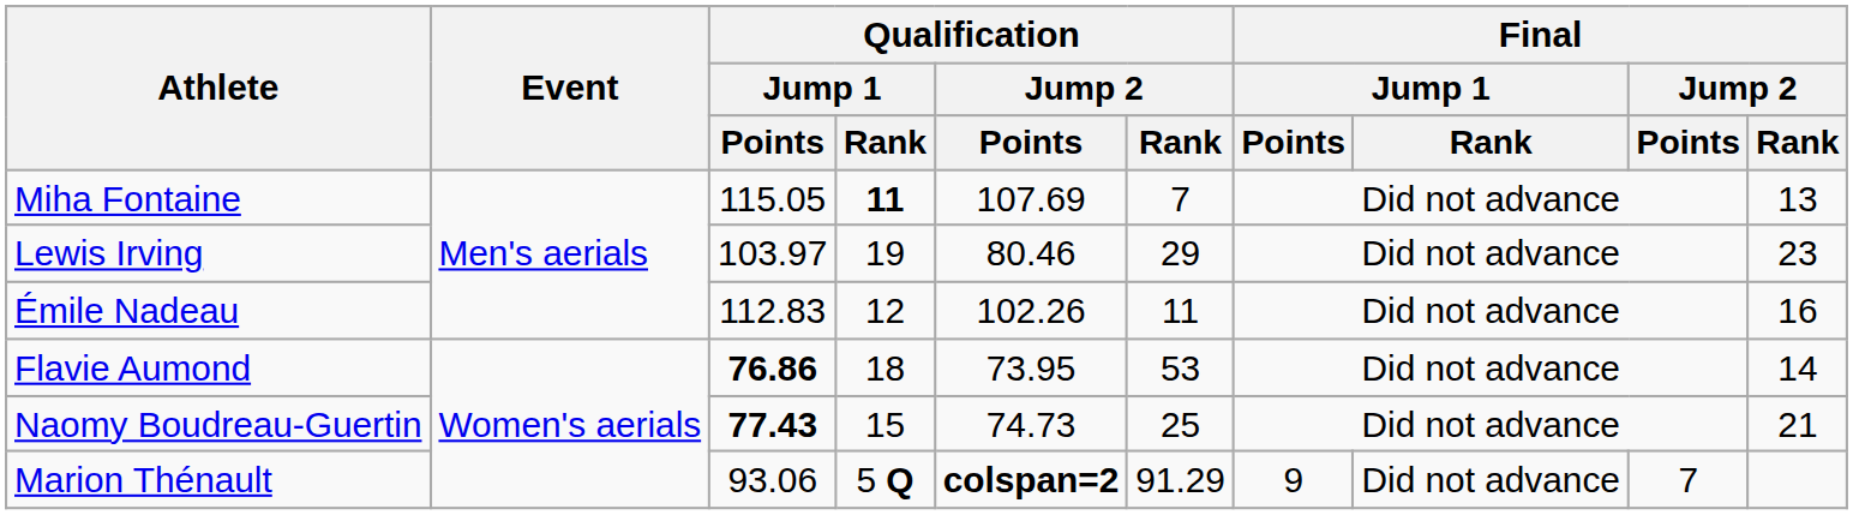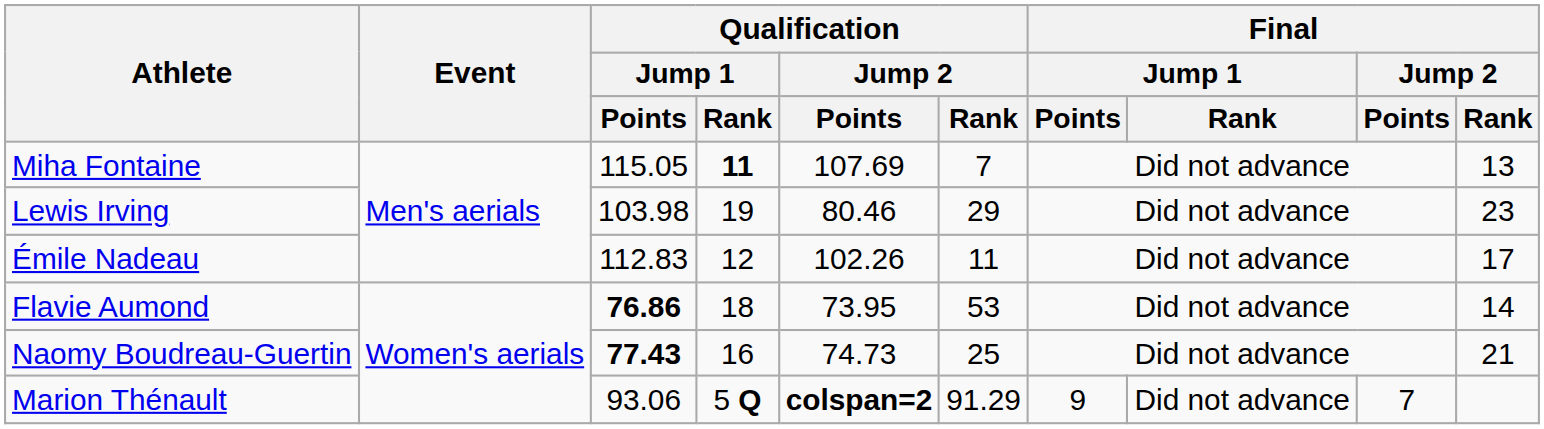 <table class=wikitable style=font-size:90%;text-align:center>
 <tr>
 <th rowspan=3>Athlete</th>
 <th rowspan=3>Event</th>
 <th colspan=4>Qualification</th>
 <th colspan=6>Final</th>
 </tr>
 <tr style=font-size:95%>
 <th colspan=2>Jump 1</th>
 <th colspan=2>Jump 2</th>
 <th colspan=2>Jump 1</th>
 <th colspan=2>Jump 2</th>
 </tr>
 <tr style=font-size:95%>
 <th>Points</th>
 <th>Rank</th>
 <th>Points</th>
 <th>Rank</th>
 <th>Points</th>
 <th>Rank</th>
 <th>Points</th>
 <th>Rank</th>
 </tr>
 <tr>
 <td align=left><a href='#'>Miha Fontaine</a></td>
 <td rowspan=3 align=left><a href='#'>Men's aerials</a></td>
 <td>115.05</td>
 <td><strong>11</strong></td>
 <td>107.69</td>
 <td>7</td>
 <td colspan=3>Did not advance</td>
 <td>13</td>
 </tr>
 <tr>
 <td align=left><a href='#'>Lewis Irving</a></td>
-<td>103.97</td>
+<td>103.98</td>
 <td>19</td>
 <td>80.46</td>
 <td>29</td>
 <td colspan=3>Did not advance</td>
 <td>23</td>
 </tr>
 <tr>
 <td align=left><a href='#'>Émile Nadeau</a></td>
 <td>112.83</td>
 <td>12</td>
 <td>102.26</td>
 <td>11</td>
 <td colspan=3>Did not advance</td>
-<td>16</td>
+<td>17</td>
 </tr>
 <tr>
 <td align=left><a href='#'>Flavie Aumond</a></td>
 <td rowspan=3 align=left><a href='#'>Women's aerials</a></td>
 <td><strong>76.86</strong></td>
 <td>18</td>
 <td>73.95</td>
 <td>53</td>
 <td colspan=3>Did not advance</td>
 <td>14</td>
 </tr>
 <tr>
 <td align=left><a href='#'>Naomy Boudreau-Guertin</a></td>
 <td><strong>77.43</strong></td>
-<td>15</td>
+<td>16</td>
 <td>74.73</td>
 <td>25</td>
 <td colspan=3>Did not advance</td>
 <td>21</td>
 </tr>
 <tr>
 <td align=left><a href='#'>Marion Thénault</a></td>
 <td>93.06</td>
 <td>5 <strong>Q</strong></td>
 <td><strong>colspan=2 </strong></td>
 <td>91.29</td>
 <td>9</td>
 <td>Did not advance</td>
 <td>7</td>
 </tr>
 </table>
